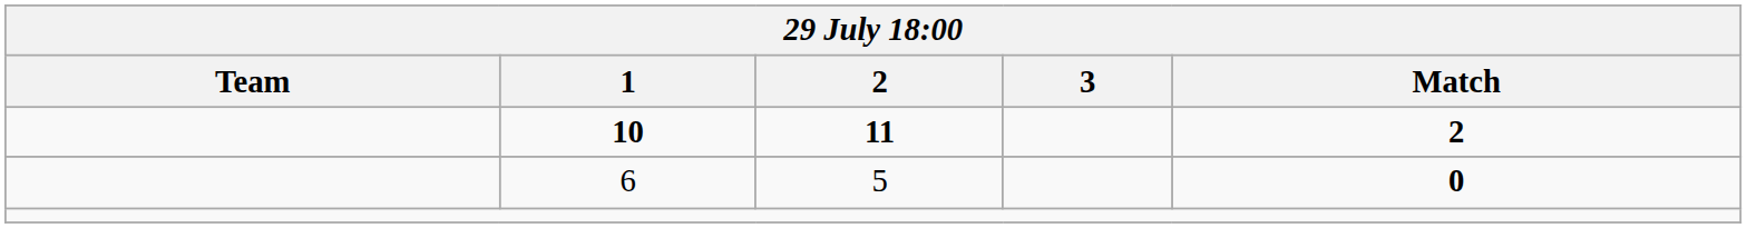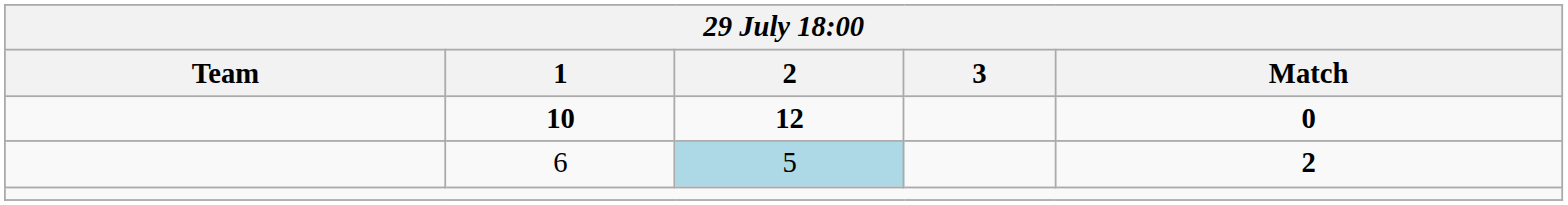 <table class=wikitable style="text-align:center; width: 55%">
 <tr>
 <th colspan=10><em>29 July 18:00</em></th>
 </tr>
 <tr>
 <th>Team</th>
 <th>1</th>
 <th>2</th>
 <th>3</th>
 <th>Match</th>
 </tr>
 <tr>
 <td align=left><strong><br></strong></td>
 <td><strong>10</strong></td>
-<td><strong>11</strong></td>
+<td><strong>12</strong></td>
 <td></td>
-<td><strong>2</strong></td>
+<td><strong>0</strong></td>
 </tr>
 <tr>
 <td align=left><br></td>
 <td>6</td>
-<td>5</td>
+<td style="background: lightblue;">5</td>
 <td></td>
-<td><strong>0</strong></td>
+<td><strong>2</strong></td>
 </tr>
 <tr>
 <td colspan=10></td>
 </tr>
 </table>
